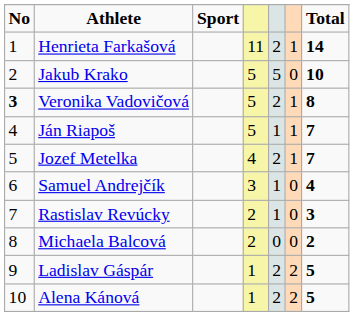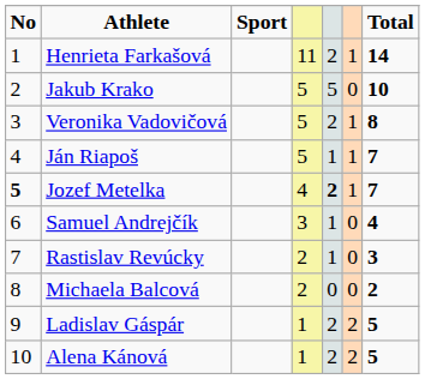 <table class="wikitable">
 <tr style="background:#efefef;">
 </tr>
 <tr align=center>
 <td><strong>No</strong></td>
 <td><strong>Athlete</strong></td>
 <td><strong>Sport</strong></td>
 <td bgcolor=#f7f6a8></td>
 <td bgcolor=#dce5e5></td>
 <td bgcolor=#ffdab9></td>
 <td><strong>Total</strong></td>
 </tr>
 <tr>
 <td>1</td>
 <td><a href='#'>Henrieta Farkašová</a></td>
 <td></td>
 <td bgcolor=#f7f6a8>11</td>
 <td bgcolor=#dce5e5>2</td>
 <td bgcolor=#ffdab9>1</td>
 <td><strong>14</strong></td>
 </tr>
 <tr>
 <td>2</td>
 <td><a href='#'>Jakub Krako</a></td>
 <td></td>
 <td bgcolor=#f7f6a8>5</td>
 <td bgcolor=#dce5e5>5</td>
 <td bgcolor=#ffdab9>0</td>
 <td><strong>10</strong></td>
 </tr>
 <tr>
-<td><strong>3</strong></td>
+<td>3</td>
 <td><a href='#'>Veronika Vadovičová</a></td>
 <td></td>
 <td bgcolor=#f7f6a8>5</td>
 <td bgcolor=#dce5e5>2</td>
 <td bgcolor=#ffdab9>1</td>
 <td><strong>8</strong></td>
 </tr>
 <tr>
 <td>4</td>
 <td><a href='#'>Ján Riapoš</a></td>
 <td></td>
 <td bgcolor=#f7f6a8>5</td>
 <td bgcolor=#dce5e5>1</td>
 <td bgcolor=#ffdab9>1</td>
 <td><strong>7</strong></td>
 </tr>
 <tr>
-<td>5</td>
+<td><strong>5</strong></td>
 <td><a href='#'>Jozef Metelka</a></td>
 <td></td>
 <td bgcolor=#f7f6a8>4</td>
-<td bgcolor=#dce5e5>2</td>
+<td bgcolor=#dce5e5><strong>2</strong></td>
 <td bgcolor=#ffdab9>1</td>
 <td><strong>7</strong></td>
 </tr>
 <tr>
 <td>6</td>
 <td><a href='#'>Samuel Andrejčík</a></td>
 <td></td>
 <td bgcolor=#f7f6a8>3</td>
 <td bgcolor=#dce5e5>1</td>
 <td bgcolor=#ffdab9>0</td>
 <td><strong>4</strong></td>
 </tr>
 <tr>
 <td>7</td>
 <td><a href='#'>Rastislav Revúcky</a></td>
 <td></td>
 <td bgcolor=#f7f6a8>2</td>
 <td bgcolor=#dce5e5>1</td>
 <td bgcolor=#ffdab9>0</td>
 <td><strong>3</strong></td>
 </tr>
 <tr>
 <td>8</td>
 <td><a href='#'>Michaela Balcová</a></td>
 <td></td>
 <td bgcolor=#f7f6a8>2</td>
 <td bgcolor=#dce5e5>0</td>
 <td bgcolor=#ffdab9>0</td>
 <td><strong>2</strong></td>
 </tr>
 <tr>
 <td>9</td>
 <td><a href='#'>Ladislav Gáspár</a></td>
 <td></td>
 <td bgcolor=#f7f6a8>1</td>
 <td bgcolor=#dce5e5>2</td>
 <td bgcolor=#ffdab9>2</td>
 <td><strong>5</strong></td>
 </tr>
 <tr>
 <td>10</td>
 <td><a href='#'>Alena Kánová</a></td>
 <td></td>
 <td bgcolor=#f7f6a8>1</td>
 <td bgcolor=#dce5e5>2</td>
 <td bgcolor=#ffdab9>2</td>
 <td><strong>5</strong></td>
 </tr>
 </table>
